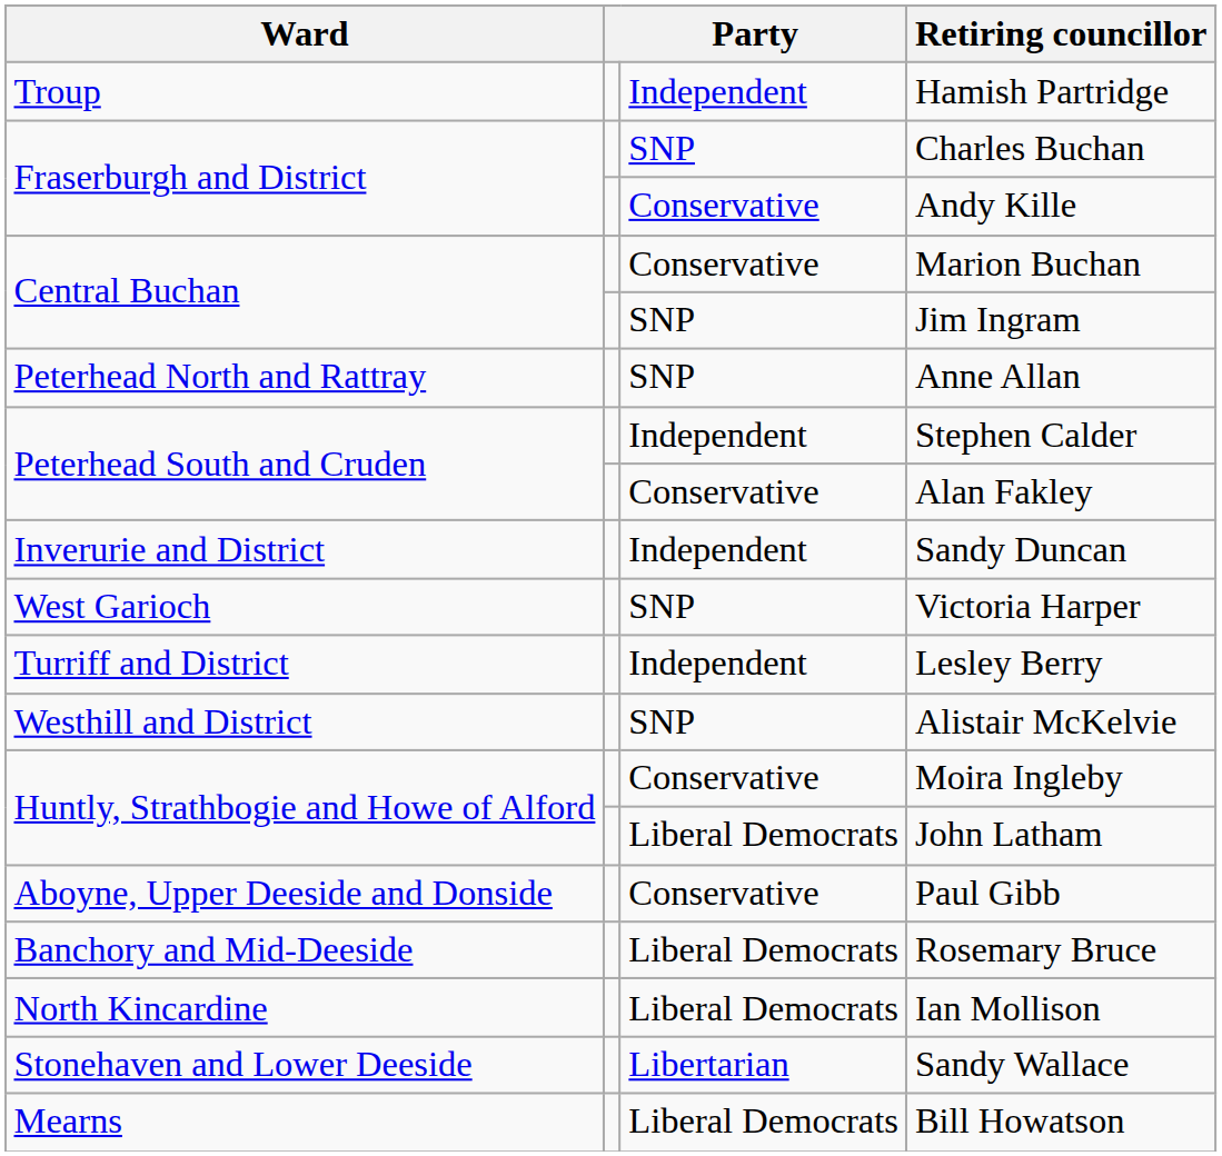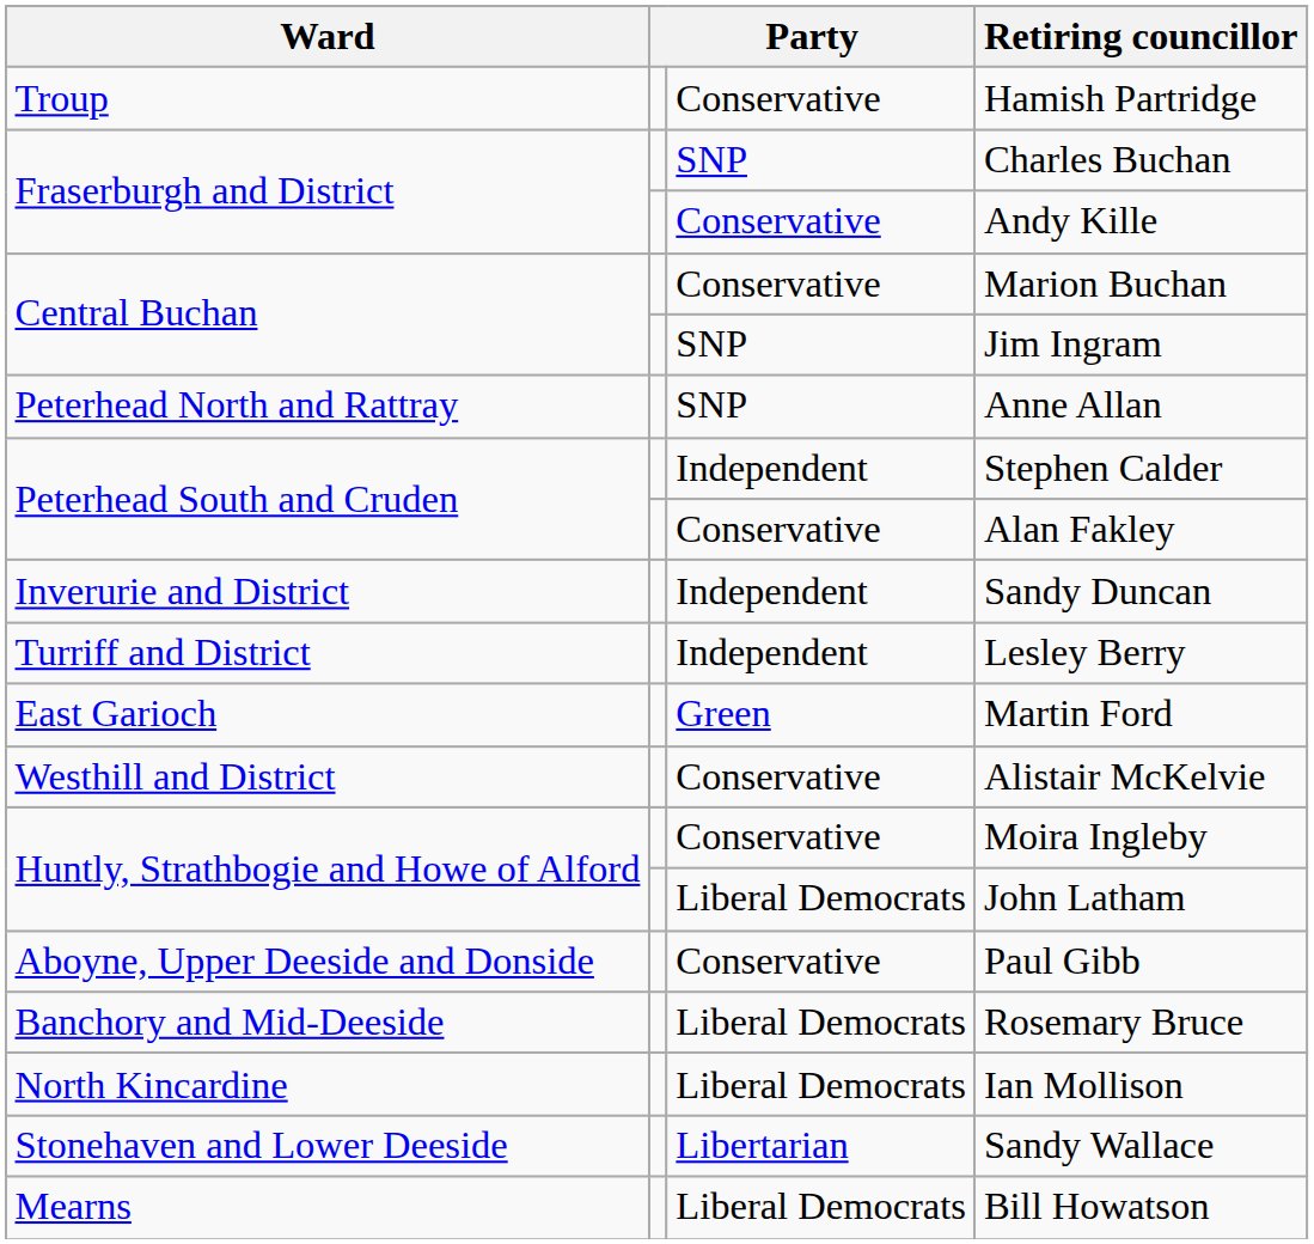 <table class="wikitable sortable">
 <tr>
 <th scope="col">Ward</th>
 <th scope="col" colspan="2">Party</th>
 <th scope="col">Retiring councillor</th>
 </tr>
 <tr>
 <td scope="row"><a href='#'>Troup</a></td>
 <td style="background-color: "></td>
-<td><a href='#'>Independent</a></td>
+<td>Conservative</td>
 <td>Hamish Partridge</td>
 </tr>
 <tr>
 <td scope="row" rowspan="2"><a href='#'>Fraserburgh and District</a></td>
 <td style="background-color: "></td>
 <td><a href='#'>SNP</a></td>
 <td>Charles Buchan</td>
 </tr>
 <tr>
 <td style="background-color: "></td>
 <td><a href='#'>Conservative</a></td>
 <td>Andy Kille</td>
 </tr>
 <tr>
 <td scope="row" rowspan="2"><a href='#'>Central Buchan</a></td>
 <td style="background-color: "></td>
 <td>Conservative</td>
 <td>Marion Buchan</td>
 </tr>
 <tr>
 <td style="background-color: "></td>
 <td>SNP</td>
 <td>Jim Ingram</td>
 </tr>
 <tr>
 <td scope="row"><a href='#'>Peterhead North and Rattray</a></td>
 <td style="background-color: "></td>
 <td>SNP</td>
 <td>Anne Allan</td>
 </tr>
 <tr>
 <td scope="row" rowspan="2"><a href='#'>Peterhead South and Cruden</a></td>
 <td style="background-color: "></td>
 <td>Independent</td>
 <td>Stephen Calder</td>
 </tr>
 <tr>
 <td style="background-color: "></td>
 <td>Conservative</td>
 <td>Alan Fakley</td>
 </tr>
 <tr>
 <td scope="row"><a href='#'>Inverurie and District</a></td>
 <td style="background-color: "></td>
 <td>Independent</td>
 <td>Sandy Duncan</td>
 </tr>
 <tr>
-<td scope="row"><a href='#'>West Garioch</a></td>
-<td style="background-color: "></td>
-<td>SNP</td>
-<td>Victoria Harper</td>
-</tr>
-<tr>
 <td scope="row"><a href='#'>Turriff and District</a></td>
 <td style="background-color: "></td>
 <td>Independent</td>
 <td>Lesley Berry</td>
 </tr>
 <tr>
+<td scope="row"><a href='#'>East Garioch</a></td>
+<td style="background-color: "></td>
+<td><a href='#'>Green</a></td>
+<td>Martin Ford</td>
+</tr>
+<tr>
 <td scope="row"><a href='#'>Westhill and District</a></td>
 <td style="background-color: "></td>
-<td>SNP</td>
+<td>Conservative</td>
 <td>Alistair McKelvie</td>
 </tr>
 <tr>
 <td scope="row" rowspan="2"><a href='#'>Huntly, Strathbogie and Howe of Alford</a></td>
 <td style="background-color: "></td>
 <td>Conservative</td>
 <td>Moira Ingleby</td>
 </tr>
 <tr>
 <td style="background-color: "></td>
 <td>Liberal Democrats</td>
 <td>John Latham</td>
 </tr>
 <tr>
 <td scope="row"><a href='#'>Aboyne, Upper Deeside and Donside</a></td>
 <td style="background-color: "></td>
 <td>Conservative</td>
 <td>Paul Gibb</td>
 </tr>
 <tr>
 <td scope="row"><a href='#'>Banchory and Mid-Deeside</a></td>
 <td style="background-color: "></td>
 <td>Liberal Democrats</td>
 <td>Rosemary Bruce</td>
 </tr>
 <tr>
 <td scope="row"><a href='#'>North Kincardine</a></td>
 <td style="background-color: "></td>
 <td>Liberal Democrats</td>
 <td>Ian Mollison</td>
 </tr>
 <tr>
 <td scope="row"><a href='#'>Stonehaven and Lower Deeside</a></td>
 <td style="background-color: "></td>
 <td><a href='#'>Libertarian</a></td>
 <td>Sandy Wallace</td>
 </tr>
 <tr>
 <td scope="row"><a href='#'>Mearns</a></td>
 <td style="background-color: "></td>
 <td>Liberal Democrats</td>
 <td>Bill Howatson</td>
 </tr>
 </table>
